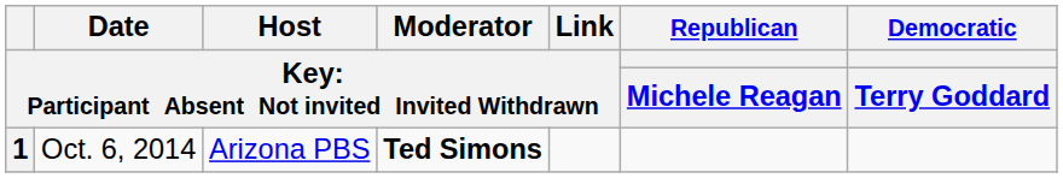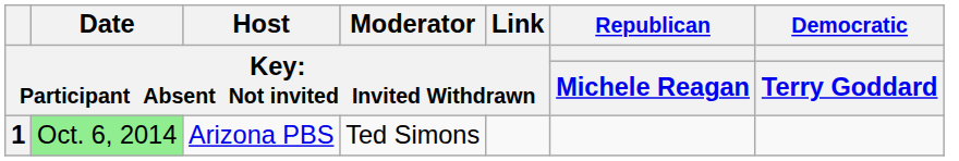 <table class="wikitable" style="text-align:center;">
 <tr>
 <th scope="col"></th>
 <th scope="col">Date</th>
 <th scope="col">Host</th>
 <th scope="col">Moderator</th>
 <th scope="col">Link</th>
 <th scope="col"><small><a href='#'>Republican</a></small></th>
 <th scope="col"><small><a href='#'>Democratic</a></small></th>
 </tr>
 <tr>
 <th colspan="5" rowspan="2">Key:<br> <small>Participant </small>  <small>Absent </small>  <small>Not invited </small>  <small>Invited  Withdrawn</small></th>
 <th scope="col" style="background:"></th>
 <th scope="col" style="background:"></th>
 </tr>
 <tr>
 <th scope="col"><a href='#'>Michele Reagan</a></th>
 <th scope="col"><a href='#'>Terry Goddard</a></th>
 </tr>
 <tr>
 <th>1</th>
-<td style="white-space:nowrap;">Oct. 6, 2014</td>
+<td style="background: lightgreen; white-space:nowrap;">Oct. 6, 2014</td>
 <td style="white-space:nowrap;"><a href='#'>Arizona PBS</a></td>
-<td style="white-space:nowrap;"><strong>Ted Simons</strong></td>
+<td style="white-space:nowrap;">Ted Simons</td>
 <td style="white-space:nowrap;"></td>
 <td></td>
 <td></td>
 </tr>
 </table>
